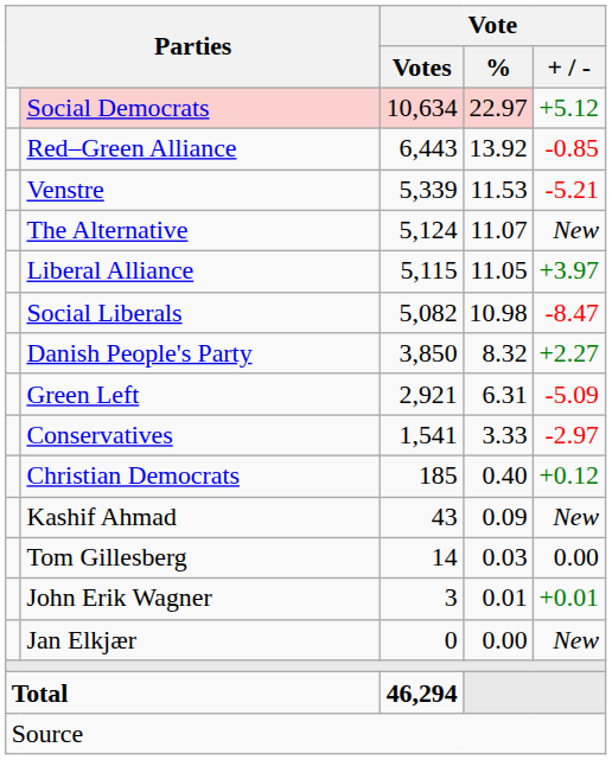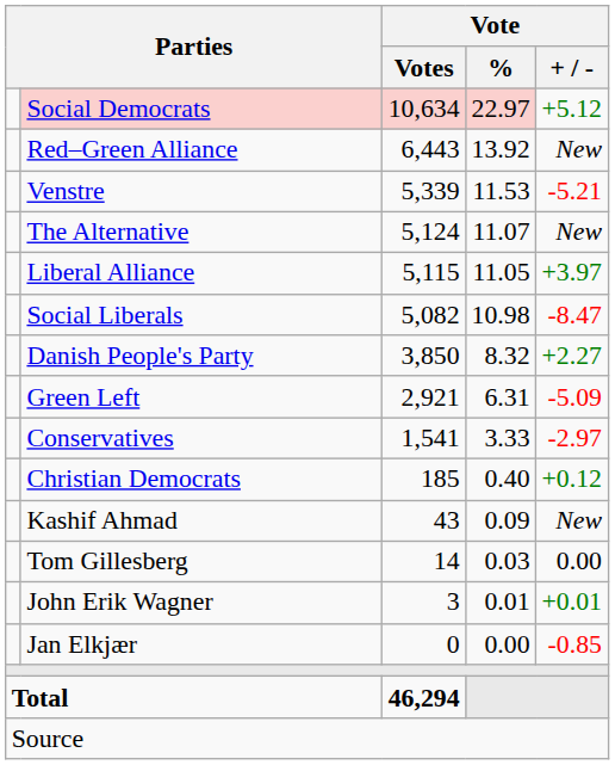 <table class="wikitable" style="text-align:right;">
 <tr>
 <th style="text-align:centre;" rowspan="2" colspan="2" width="225">Parties</th>
 <th colspan="3">Vote</th>
 </tr>
 <tr>
 <th width="15">Votes</th>
 <th width="15">%</th>
 <th width="15">+ / -</th>
 </tr>
 <tr>
 <td width="2" style="color:inherit;background:"></td>
 <td bgcolor=#fbd0ce  align="left"><a href='#'>Social Democrats</a></td>
 <td bgcolor=#fbd0ce>10,634</td>
 <td bgcolor=#fbd0ce>22.97</td>
 <td style=color:green;>+5.12</td>
 </tr>
 <tr>
 <td width="2" style="color:inherit;background:"></td>
 <td align="left"><a href='#'>Red–Green Alliance</a></td>
 <td>6,443</td>
 <td>13.92</td>
-<td style=color:red;>-0.85</td>
+<td><em>New</em></td>
 </tr>
 <tr>
 <td width="2" style="color:inherit;background:"></td>
 <td align="left"><a href='#'>Venstre</a></td>
 <td>5,339</td>
 <td>11.53</td>
 <td style=color:red;>-5.21</td>
 </tr>
 <tr>
 <td width="2" style="color:inherit;background:"></td>
 <td align="left"><a href='#'>The Alternative</a></td>
 <td>5,124</td>
 <td>11.07</td>
 <td><em>New</em></td>
 </tr>
 <tr>
 <td width="2" style="color:inherit;background:"></td>
 <td align="left"><a href='#'>Liberal Alliance</a></td>
 <td>5,115</td>
 <td>11.05</td>
 <td style=color:green;>+3.97</td>
 </tr>
 <tr>
 <td width="2" style="color:inherit;background:"></td>
 <td align="left"><a href='#'>Social Liberals</a></td>
 <td>5,082</td>
 <td>10.98</td>
 <td style=color:red;>-8.47</td>
 </tr>
 <tr>
 <td width="2" style="color:inherit;background:"></td>
 <td align="left"><a href='#'>Danish People's Party</a></td>
 <td>3,850</td>
 <td>8.32</td>
 <td style=color:green;>+2.27</td>
 </tr>
 <tr>
 <td width="2" style="color:inherit;background:"></td>
 <td align="left"><a href='#'>Green Left</a></td>
 <td>2,921</td>
 <td>6.31</td>
 <td style=color:red;>-5.09</td>
 </tr>
 <tr>
 <td width="2" style="color:inherit;background:"></td>
 <td align="left"><a href='#'>Conservatives</a></td>
 <td>1,541</td>
 <td>3.33</td>
 <td style=color:red;>-2.97</td>
 </tr>
 <tr>
 <td width="2" style="color:inherit;background:"></td>
 <td align="left"><a href='#'>Christian Democrats</a></td>
 <td>185</td>
 <td>0.40</td>
 <td style=color:green;>+0.12</td>
 </tr>
 <tr>
 <td width="2" style="color:inherit;background:"></td>
 <td align="left">Kashif Ahmad</td>
 <td>43</td>
 <td>0.09</td>
 <td><em>New</em></td>
 </tr>
 <tr>
 <td width="2" style="color:inherit;background:"></td>
 <td align="left">Tom Gillesberg</td>
 <td>14</td>
 <td>0.03</td>
 <td>0.00</td>
 </tr>
 <tr>
 <td width="2" style="color:inherit;background:"></td>
 <td align="left">John Erik Wagner</td>
 <td>3</td>
 <td>0.01</td>
 <td style=color:green;>+0.01</td>
 </tr>
 <tr>
 <td width="2" style="color:inherit;background:"></td>
 <td align="left">Jan Elkjær</td>
 <td>0</td>
 <td>0.00</td>
-<td><em>New</em></td>
+<td style=color:red;>-0.85</td>
 </tr>
 <tr>
 <td colspan="7" bgcolor="#E9E9E9"></td>
 </tr>
 <tr>
 <td align="left" colspan="2"><strong>Total</strong></td>
 <td><strong>46,294</strong></td>
 <td bgcolor="#E9E9E9" colspan="2"></td>
 </tr>
 <tr>
 <td align="left" colspan="6">Source</td>
 </tr>
 </table>
